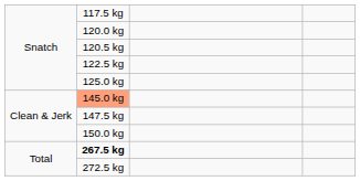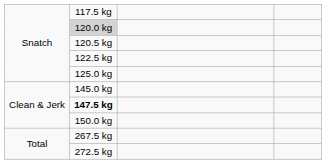 <table class = "wikitable" style="text-align:center;">
 <tr>
 <td width=100 rowspan=5>Snatch</td>
 <td width=70>117.5 kg</td>
 <td width=250 align=left></td>
 <td width=70></td>
 </tr>
 <tr>
-<td>120.0 kg</td>
+<td style="background: lightgrey;">120.0 kg</td>
 <td align=left></td>
 <td></td>
 </tr>
 <tr>
 <td>120.5 kg</td>
 <td align=left></td>
 <td></td>
 </tr>
 <tr>
 <td>122.5 kg</td>
 <td align=left></td>
 <td></td>
 </tr>
 <tr>
 <td>125.0 kg</td>
 <td align=left></td>
 <td></td>
 </tr>
 <tr>
 <td rowspan=3>Clean & Jerk</td>
-<td style="background: lightsalmon;">145.0 kg</td>
+<td>145.0 kg</td>
 <td align=left></td>
 <td></td>
 </tr>
 <tr>
-<td>147.5 kg</td>
+<td><strong>147.5 kg</strong></td>
 <td align=left></td>
 <td></td>
 </tr>
 <tr>
 <td>150.0 kg</td>
 <td align=left></td>
 <td></td>
 </tr>
 <tr>
 <td rowspan=2>Total</td>
-<td><strong>267.5 kg</strong></td>
+<td>267.5 kg</td>
 <td align=left></td>
 <td></td>
 </tr>
 <tr>
 <td>272.5 kg</td>
 <td align=left></td>
 <td></td>
 </tr>
 </table>
